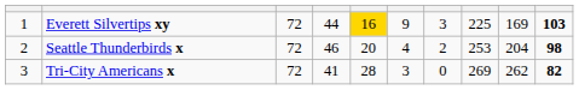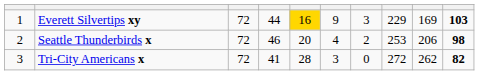 <table class="wikitable sortable">
 <tr>
 <th style="width:2em"></th>
 <th style="width:15em;" class="unsortable"></th>
 <th style="width:2em;"></th>
 <th style="width:2em;"></th>
 <th style="width:2em;"></th>
 <th style="width:2em;"></th>
 <th style="width:2em;"></th>
 <th style="width:2em;"></th>
 <th style="width:2em;"></th>
 <th style="width:2em;"></th>
 </tr>
 <tr style="font-weight: ; text-align: center;">
 <td>1</td>
 <td style="text-align:left;"><a href='#'>Everett Silvertips</a> <strong>xy</strong></td>
 <td>72</td>
 <td>44</td>
 <td style="background: gold;">16</td>
 <td>9</td>
 <td>3</td>
-<td>225</td>
+<td>229</td>
 <td>169</td>
 <td><strong>103</strong></td>
 </tr>
 <tr style="font-weight: ; text-align: center;">
 <td>2</td>
 <td style="text-align:left;"><a href='#'>Seattle Thunderbirds</a> <strong>x</strong></td>
 <td>72</td>
 <td>46</td>
 <td>20</td>
 <td>4</td>
 <td>2</td>
 <td>253</td>
-<td>204</td>
+<td>206</td>
 <td><strong>98</strong></td>
 </tr>
 <tr style="font-weight: ; text-align: center;">
 <td>3</td>
 <td style="text-align:left;"><a href='#'>Tri-City Americans</a> <strong>x</strong></td>
 <td>72</td>
 <td>41</td>
 <td>28</td>
 <td>3</td>
 <td>0</td>
-<td>269</td>
+<td>272</td>
 <td>262</td>
 <td><strong>82</strong></td>
 </tr>
 </table>
